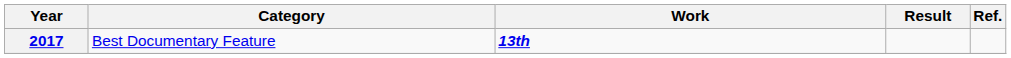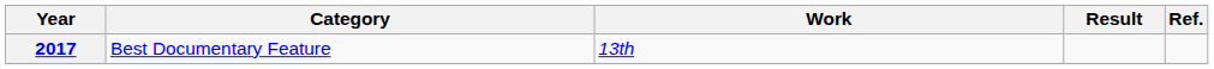 <table class=wikitable>
 <tr>
 <th scope="col" style="width:5em;">Year</th>
 <th scope="col" style="width:26em;">Category</th>
 <th scope="col" style="width:25em;">Work</th>
 <th scope="col" style="width:5em;">Result</th>
 <th>Ref.</th>
 </tr>
 <tr>
 <th scope="row" rowspan="1"><a href='#'>2017</a></th>
 <td><a href='#'>Best Documentary Feature</a></td>
-<td><strong><em><a href='#'>13th</a></em></strong></td>
+<td><em><a href='#'>13th</a></em></td>
 <td></td>
 <td></td>
 </tr>
 <tr>
 </tr>
 </table>
